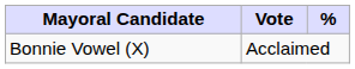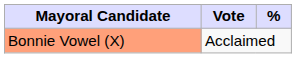 <table class="wikitable">
 <tr>
 <th style="background:#ddf; width:200px;">Mayoral Candidate </th>
 <th style="background:#ddf; width:50px;">Vote</th>
 <th style="background:#ddf; width:30px;">%</th>
 </tr>
 <tr>
-<td>Bonnie Vowel (X)</td>
+<td style="background: lightsalmon;">Bonnie Vowel (X)</td>
 <td colspan="2">Acclaimed</td>
 </tr>
 </table>
